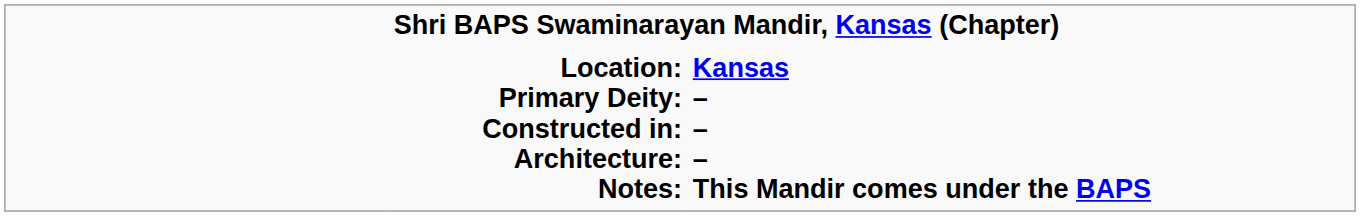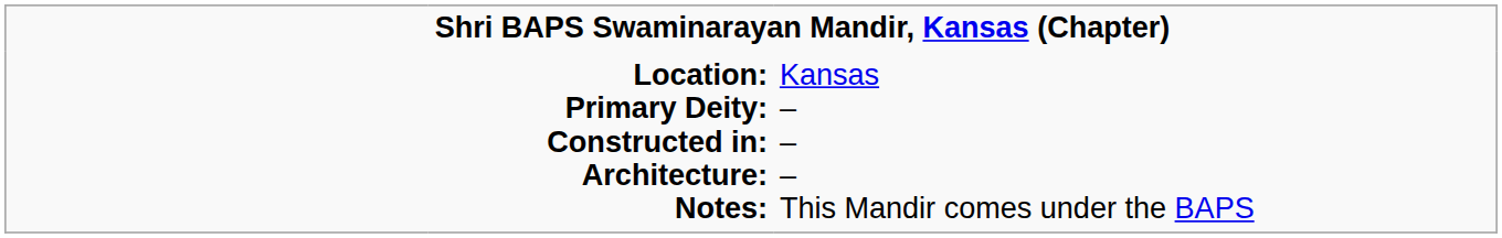 <table class="wikitable plain" border="0" width="800">
 <tr>
 <td width="220px" rowspan="2" style="border:none;"></td>
 <td valign="top" colspan=2 style="border:none;"><strong>Shri BAPS Swaminarayan Mandir, <a href='#'>Kansas</a> (Chapter)</strong></td>
 </tr>
 <tr>
 <td valign="top" style="text-align:right; border:none;"><strong>Location:</strong><br><strong>Primary Deity:</strong><br><strong>Constructed in:</strong><br><strong>Architecture:</strong><br><strong>Notes:</strong></td>
-<td valign="top" style="border:none;"><strong><a href='#'>Kansas</a> <br>– <br>– <br>– <br>This Mandir comes under the <a href='#'>BAPS</a></strong></td>
+<td valign="top" style="border:none;"><a href='#'>Kansas</a> <br>– <br>– <br>– <br>This Mandir comes under the <a href='#'>BAPS</a></td>
 </tr>
 </table>
